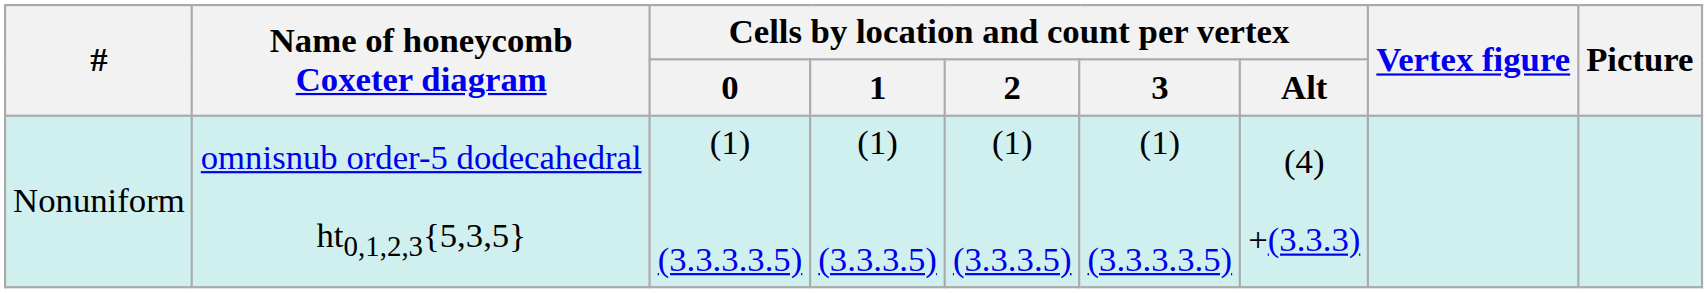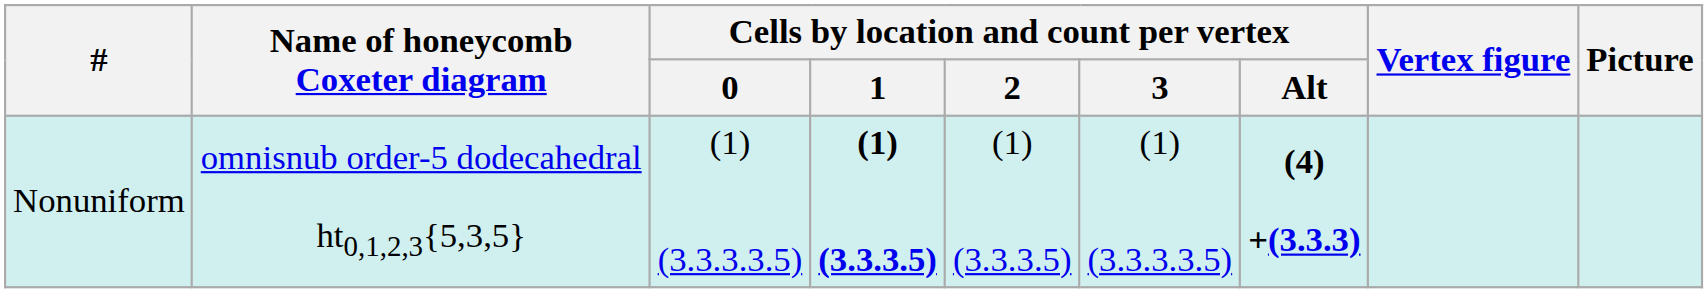 <table class=wikitable>
 <tr>
 <th rowspan=2>#</th>
 <th rowspan=2>Name of honeycomb<br><a href='#'>Coxeter diagram</a></th>
 <th colspan=5>Cells by location and count per vertex</th>
 <th rowspan=2><a href='#'>Vertex figure</a></th>
 <th rowspan=2>Picture</th>
 </tr>
 <tr>
 <th>0<br></th>
 <th>1<br></th>
 <th>2<br></th>
 <th>3<br></th>
 <th>Alt</th>
 </tr>
 <tr BGCOLOR="#d0f0f0" align=center>
 <td>Nonuniform</td>
 <td><a href='#'>omnisnub order-5 dodecahedral</a><br><br>ht<sub>0,1,2,3</sub>{5,3,5}</td>
 <td>(1)<br><br><br><a href='#'>(3.3.3.3.5)</a></td>
-<td>(1)<br><br><br><a href='#'>(3.3.3.5)</a></td>
+<td><strong>(1)<br><br><br><a href='#'>(3.3.3.5)</a></strong></td>
 <td>(1)<br><br><br><a href='#'>(3.3.3.5)</a></td>
 <td>(1)<br><br><br><a href='#'>(3.3.3.3.5)</a></td>
-<td>(4)<br><br>+<a href='#'>(3.3.3)</a></td>
+<td><strong>(4)<br><br>+<a href='#'>(3.3.3)</a></strong></td>
 <td></td>
 <td></td>
 </tr>
 </table>
